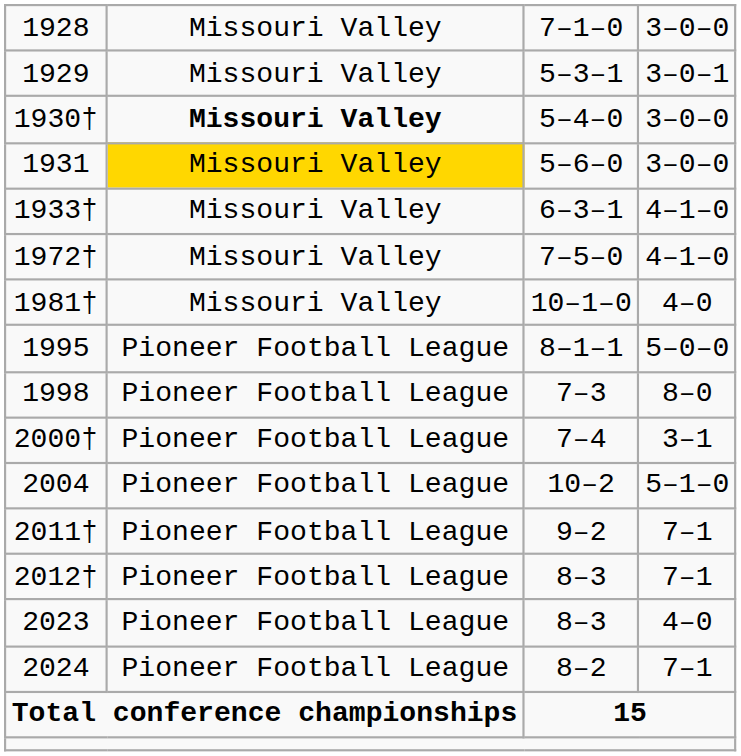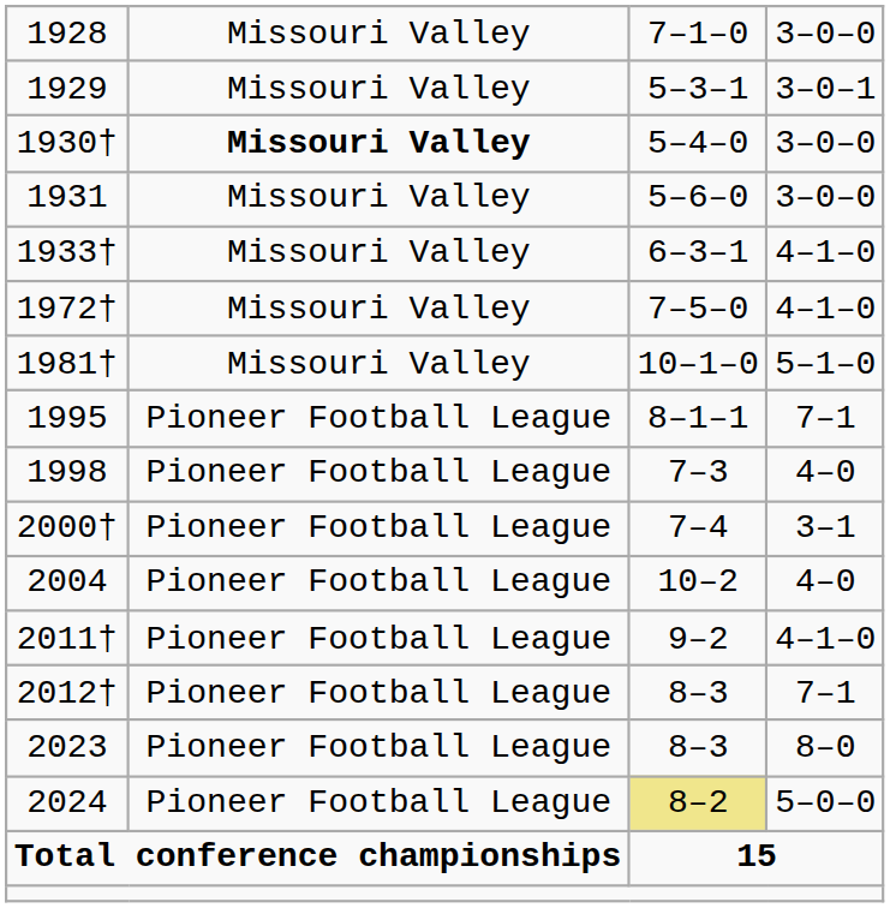 <table class="wikitable" style="text-align:center">
 <tr align="center">
 <td>1928</td>
 <td>Missouri Valley</td>
 <td>7–1–0</td>
 <td>3–0–0</td>
 </tr>
 <tr align="center">
 <td>1929</td>
 <td>Missouri Valley</td>
 <td>5–3–1</td>
 <td>3–0–1</td>
 </tr>
 <tr align="center">
 <td>1930†</td>
 <td><strong>Missouri Valley</strong></td>
 <td>5–4–0</td>
 <td>3–0–0</td>
 </tr>
 <tr align="center">
 <td>1931</td>
-<td style="background: gold;">Missouri Valley</td>
+<td>Missouri Valley</td>
 <td>5–6–0</td>
 <td>3–0–0</td>
 </tr>
 <tr align="center">
 <td>1933†</td>
 <td>Missouri Valley</td>
 <td>6–3–1</td>
 <td>4–1–0</td>
 </tr>
 <tr align="center">
 <td>1972†</td>
 <td>Missouri Valley</td>
 <td>7–5–0</td>
 <td>4–1–0</td>
 </tr>
 <tr align="center">
 <td>1981†</td>
 <td>Missouri Valley</td>
 <td>10–1–0</td>
-<td>4–0</td>
+<td>5–1–0</td>
 </tr>
 <tr align="center">
 <td>1995</td>
 <td>Pioneer Football League</td>
 <td>8–1–1</td>
-<td>5–0–0</td>
+<td>7–1</td>
 </tr>
 <tr align="center">
 <td>1998</td>
 <td>Pioneer Football League</td>
 <td>7–3</td>
-<td>8–0</td>
+<td>4–0</td>
 </tr>
 <tr align="center">
 <td>2000†</td>
 <td>Pioneer Football League</td>
 <td>7–4</td>
 <td>3–1</td>
 </tr>
 <tr align="center">
 <td>2004</td>
 <td>Pioneer Football League</td>
 <td>10–2</td>
-<td>5–1–0</td>
+<td>4–0</td>
 </tr>
 <tr align="center">
 <td>2011†</td>
 <td>Pioneer Football League</td>
 <td>9–2</td>
-<td>7–1</td>
+<td>4–1–0</td>
 </tr>
 <tr align="center">
 <td>2012†</td>
 <td>Pioneer Football League</td>
 <td>8–3</td>
 <td>7–1</td>
 </tr>
 <tr align="center">
 <td>2023</td>
 <td>Pioneer Football League</td>
 <td>8–3</td>
-<td>4–0</td>
+<td>8–0</td>
 </tr>
 <tr align="center">
 <td>2024</td>
 <td>Pioneer Football League</td>
-<td>8–2</td>
-<td>7–1</td>
+<td style="background: khaki;">8–2</td>
+<td>5–0–0</td>
 </tr>
 <tr align=“center”>
 <td colspan=2><strong>Total conference championships</strong></td>
 <td colspan=2><strong>15</strong></td>
 </tr>
 <tr>
 <td colspan=4></td>
 </tr>
 </table>
